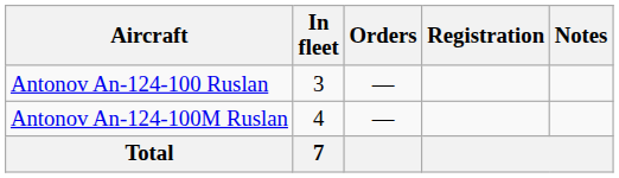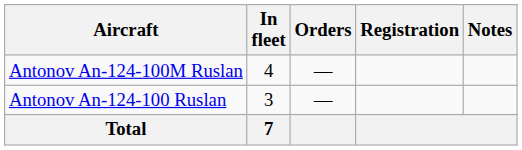 <table class="wikitable">
 <tr>
 <th>Aircraft</th>
 <th>In<br>fleet</th>
 <th>Orders</th>
 <th>Registration</th>
 <th>Notes</th>
 </tr>
 <tr>
-<td><a href='#'>Antonov An-124-100 Ruslan</a></td>
-<td style="text-align:center;">3</td>
+<td><a href='#'>Antonov An-124-100M Ruslan</a></td>
+<td style="text-align:center;">4</td>
 <td style="text-align:center;">—</td>
 <td style="text-align:center;"></td>
 <td style="text-align:center;"></td>
 </tr>
 <tr>
-<td><a href='#'>Antonov An-124-100M Ruslan</a></td>
-<td style="text-align:center;">4</td>
+<td><a href='#'>Antonov An-124-100 Ruslan</a></td>
+<td style="text-align:center;">3</td>
 <td style="text-align:center;">—</td>
 <td style="text-align:center;"></td>
 <td style="text-align:center;"></td>
 </tr>
 <tr>
 <th>Total</th>
 <th>7</th>
 <th></th>
 <th colspan="2"></th>
 </tr>
 </table>
